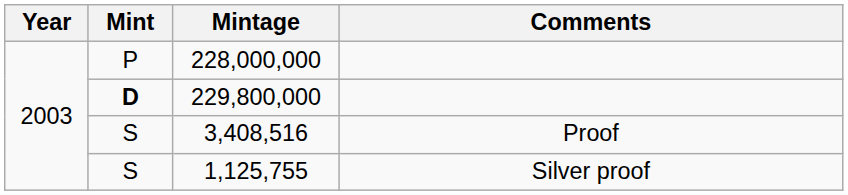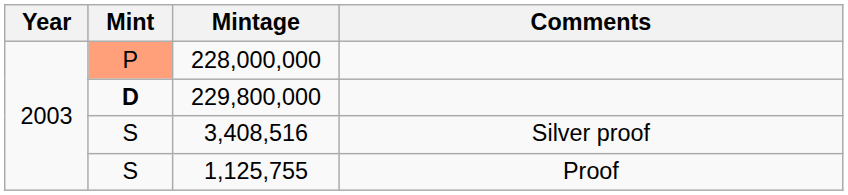 <table class="wikitable sortable" style="min-width:65%; text-align:center;">
 <tr>
 <th width="10%">Year</th>
 <th width="10%">Mint</th>
 <th width="20%">Mintage</th>
 <th width="60%">Comments</th>
 </tr>
 <tr>
 <td rowspan="4">2003</td>
-<td>P</td>
+<td style="background: lightsalmon;">P</td>
 <td>228,000,000</td>
 <td></td>
 </tr>
 <tr>
 <td><strong>D</strong></td>
 <td>229,800,000</td>
 <td></td>
 </tr>
 <tr>
 <td>S</td>
 <td>3,408,516</td>
-<td>Proof</td>
+<td>Silver proof</td>
 </tr>
 <tr>
 <td>S</td>
 <td>1,125,755</td>
-<td>Silver proof</td>
+<td>Proof</td>
 </tr>
 </table>
